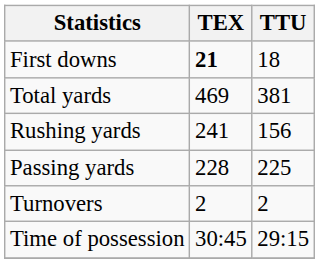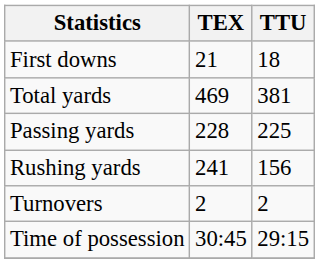 <table class="wikitable" style="float: left;">
 <tr>
 <th>Statistics</th>
 <th>TEX</th>
 <th>TTU</th>
 </tr>
 <tr>
 <td>First downs</td>
-<td><strong>21</strong></td>
+<td>21</td>
 <td>18</td>
 </tr>
 <tr>
 <td>Total yards</td>
 <td>469</td>
 <td>381</td>
 </tr>
 <tr>
+<td>Passing yards</td>
+<td>228</td>
+<td>225</td>
+</tr>
+<tr>
 <td>Rushing yards</td>
 <td>241</td>
 <td>156</td>
-</tr>
-<tr>
-<td>Passing yards</td>
-<td>228</td>
-<td>225</td>
 </tr>
 <tr>
 <td>Turnovers</td>
 <td>2</td>
 <td>2</td>
 </tr>
 <tr>
 <td>Time of possession</td>
 <td>30:45</td>
 <td>29:15</td>
 </tr>
 <tr>
 </tr>
 </table>
